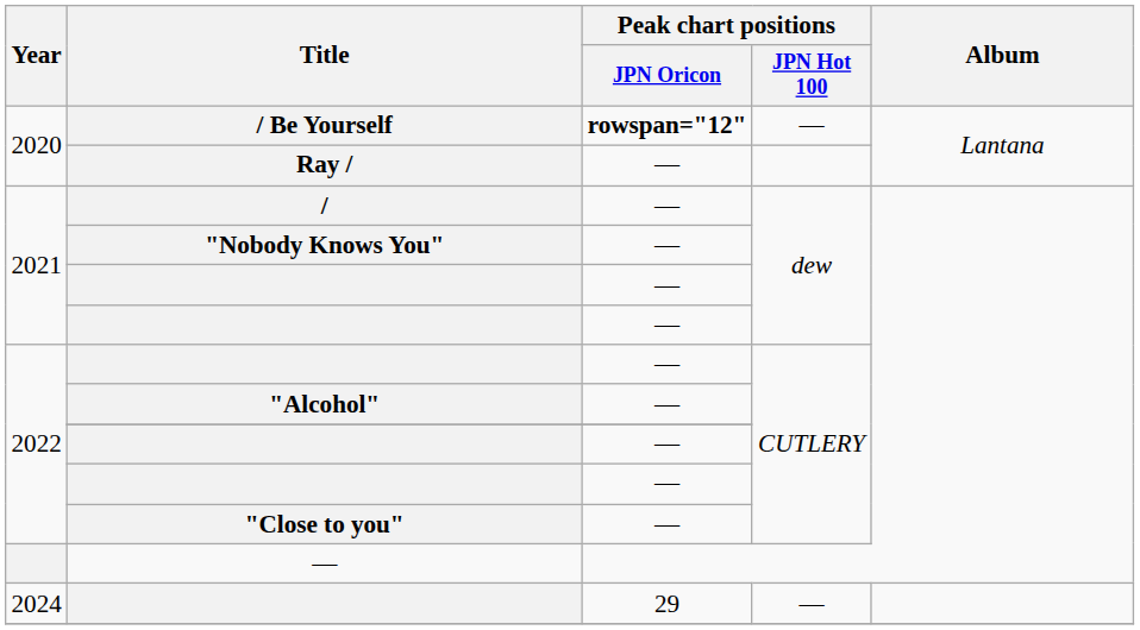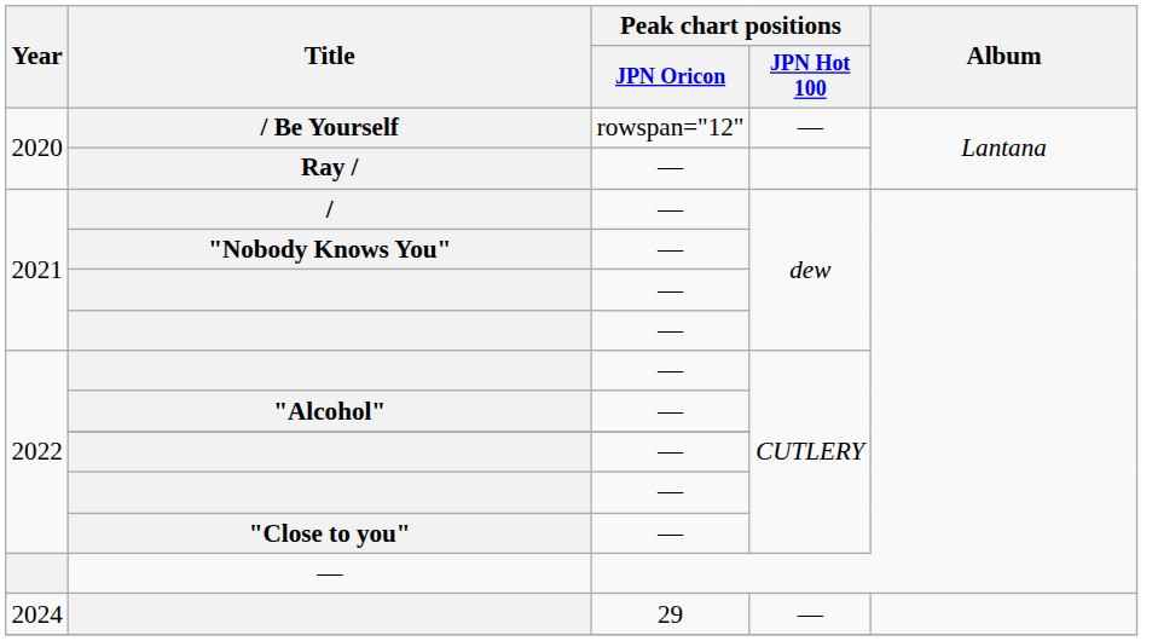 <table class="wikitable plainrowheaders" style="text-align:center">
 <tr>
 <th rowspan=2; style="width:2em;">Year</th>
 <th rowspan=2; style="width:20em;">Title</th>
 <th colspan=2; style="width:10em;">Peak chart positions</th>
 <th rowspan=2; style="width:10em;">Album</th>
 </tr>
 <tr>
 <th style="width:3em;font-size:85%"><a href='#'>JPN Oricon</a></th>
 <th style="width:3em;font-size:85%"><a href='#'>JPN Hot 100</a></th>
 </tr>
 <tr>
 <td rowspan="2">2020</td>
 <th scope="row"> / Be Yourself</th>
-<td><strong>rowspan="12"  </strong></td>
+<td>rowspan="12"  </td>
 <td>—</td>
 <td rowspan="2"><em>Lantana</em></td>
 </tr>
 <tr>
 <th scope="row">Ray / </th>
 <td>—</td>
 </tr>
 <tr>
 <td rowspan="4">2021</td>
 <th scope="row"> / </th>
 <td>—</td>
 <td rowspan="4"><em>dew</em></td>
 </tr>
 <tr>
 <th scope="row">"Nobody Knows You"</th>
 <td>—</td>
 </tr>
 <tr>
 <th scope="row"></th>
 <td>—</td>
 </tr>
 <tr>
 <th scope="row"></th>
 <td>—</td>
 </tr>
 <tr>
 <td rowspan="6">2022</td>
 <th scope="row"></th>
 <td>—</td>
 <td rowspan="6"><em>CUTLERY</em></td>
 </tr>
 <tr>
 <th scope="row">"Alcohol"</th>
 <td>—</td>
 </tr>
 <tr>
 </tr>
 <tr>
 <th scope="row"></th>
 <td>—</td>
 </tr>
 <tr>
 <th scope="row"></th>
 <td>—</td>
 </tr>
 <tr>
 <th scope="row">"Close to you"</th>
 <td>—</td>
 </tr>
 <tr>
 <th scope="row"></th>
 <td>—</td>
 </tr>
 <tr>
 <td rowspan="1">2024</td>
 <th scope="row"></th>
 <td>29</td>
 <td>—</td>
 <td></td>
 </tr>
 <tr>
 </tr>
 </table>
